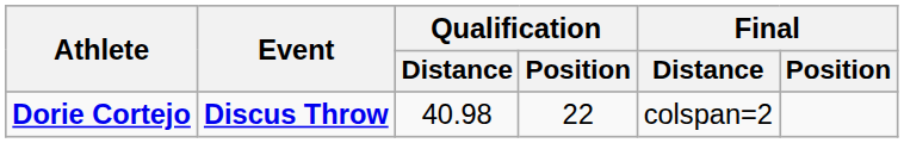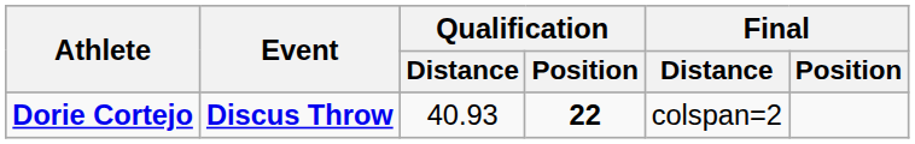 <table class=wikitable style=font-size:90%>
 <tr>
 <th rowspan=2>Athlete</th>
 <th rowspan=2>Event</th>
 <th colspan=2>Qualification</th>
 <th colspan=2>Final</th>
 </tr>
 <tr style=font-size:95%>
 <th>Distance</th>
 <th>Position</th>
 <th>Distance</th>
 <th>Position</th>
 </tr>
 <tr align=center>
 <td align=left><strong><a href='#'>Dorie Cortejo</a></strong></td>
 <td align=left><strong><a href='#'>Discus Throw</a></strong></td>
-<td>40.98</td>
-<td>22</td>
+<td>40.93</td>
+<td><strong>22</strong></td>
 <td>colspan=2 </td>
 </tr>
 </table>
